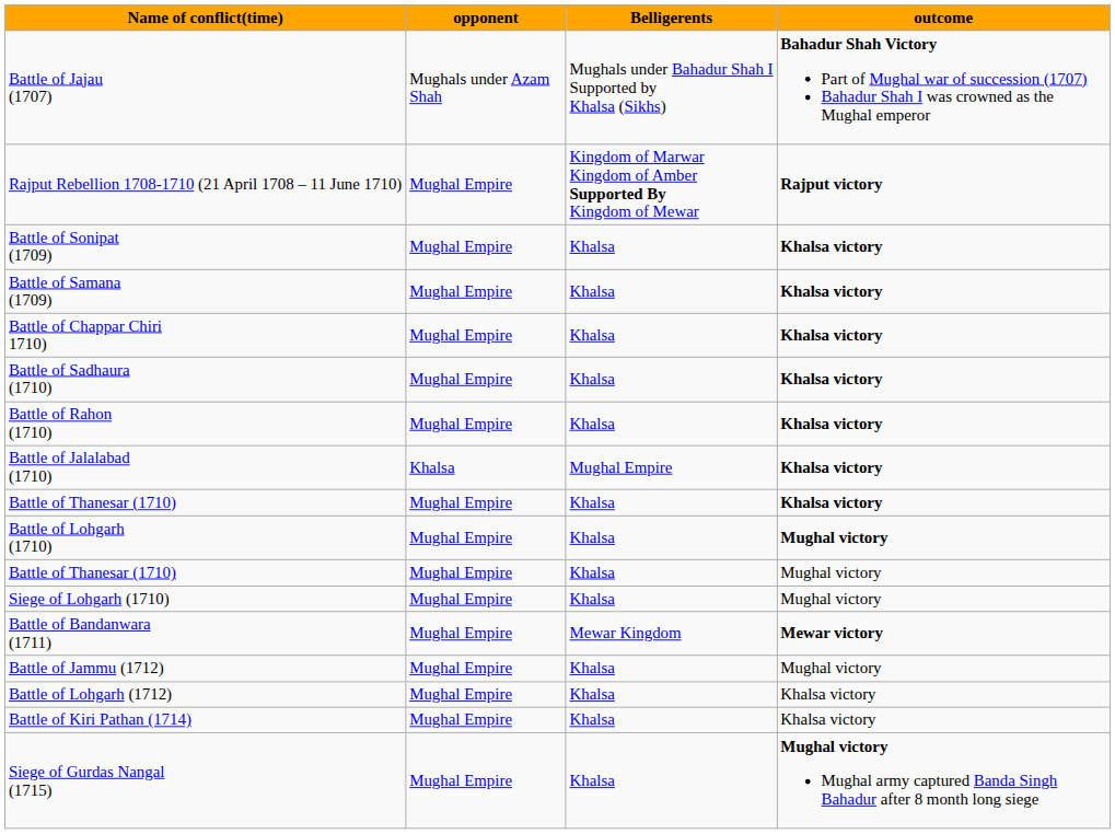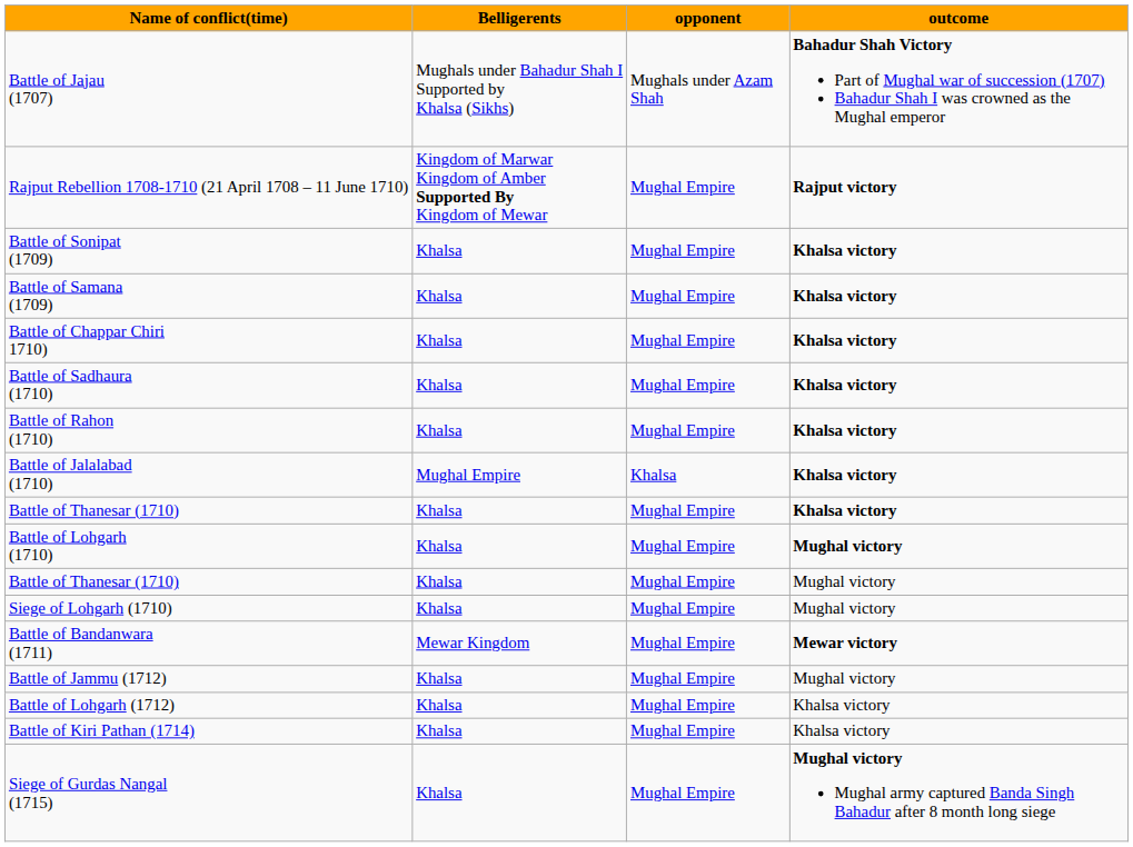 <table class="wikitable">
 <tr>
 <th style=" background:orange;"><span>Name of conflict(time)</span></th>
+<th style="background:orange;widh:150px;"><span>Belligerents</span></th>
 <th style="background:orange;width:150px;"><span> opponent</span></th>
-<th style="background:orange;widh:150px;"><span>Belligerents</span></th>
 <th style="background:orange;width:320px;"><span> outcome</span></th>
 </tr>
 <tr>
 <td><a href='#'>Battle of Jajau</a><br>(1707)</td>
+<td> Mughals under <a href='#'>Bahadur Shah I</a><br>Supported by<br> <a href='#'>Khalsa</a> (<a href='#'>Sikhs</a>)</td>
 <td> Mughals under <a href='#'>Azam Shah</a></td>
-<td> Mughals under <a href='#'>Bahadur Shah I</a><br>Supported by<br> <a href='#'>Khalsa</a> (<a href='#'>Sikhs</a>)</td>
 <td><strong>Bahadur Shah Victory</strong><br><ul><li>Part of <a href='#'>Mughal war of succession (1707)</a></li><li><a href='#'>Bahadur Shah I</a> was crowned as the Mughal emperor</li></ul></td>
 </tr>
 <tr>
 <td><a href='#'>Rajput Rebellion 1708-1710</a> (21 April 1708 – 11 June 1710)</td>
+<td> <a href='#'>Kingdom of Marwar</a><br> <a href='#'>Kingdom of Amber</a><br><strong>Supported By</strong><br><a href='#'>Kingdom of Mewar</a></td>
 <td> <a href='#'>Mughal Empire</a></td>
-<td> <a href='#'>Kingdom of Marwar</a><br> <a href='#'>Kingdom of Amber</a><br><strong>Supported By</strong><br><a href='#'>Kingdom of Mewar</a></td>
 <td><strong>Rajput victory</strong></td>
 </tr>
 <tr>
 <td><a href='#'>Battle of Sonipat</a><br>(1709)</td>
+<td><a href='#'>Khalsa</a></td>
 <td> <a href='#'>Mughal Empire</a></td>
-<td><a href='#'>Khalsa</a></td>
 <td><strong>Khalsa victory</strong></td>
 </tr>
 <tr>
 <td><a href='#'>Battle of Samana</a><br>(1709)</td>
+<td><a href='#'>Khalsa</a></td>
+<td><a href='#'>Mughal Empire</a></td>
+<td><strong>Khalsa victory</strong></td>
+</tr>
+<tr>
+<td><a href='#'>Battle of Chappar Chiri</a><br>1710)</td>
+<td> <a href='#'>Khalsa</a></td>
+<td> <a href='#'>Mughal Empire</a></td>
+<td><strong>Khalsa victory</strong></td>
+</tr>
+<tr>
+<td><a href='#'>Battle of Sadhaura</a><br>(1710)</td>
+<td><a href='#'>Khalsa</a></td>
+<td><a href='#'>Mughal Empire</a></td>
+<td><strong>Khalsa victory</strong></td>
+</tr>
+<tr>
+<td><a href='#'>Battle of Rahon</a><br>(1710)</td>
+<td><a href='#'>Khalsa</a></td>
+<td><a href='#'>Mughal Empire</a></td>
+<td><strong>Khalsa victory</strong></td>
+</tr>
+<tr>
+<td><a href='#'>Battle of Jalalabad</a><br>(1710)</td>
 <td><a href='#'>Mughal Empire</a></td>
 <td><a href='#'>Khalsa</a></td>
 <td><strong>Khalsa victory</strong></td>
 </tr>
 <tr>
-<td><a href='#'>Battle of Chappar Chiri</a><br>1710)</td>
-<td> <a href='#'>Mughal Empire</a></td>
-<td> <a href='#'>Khalsa</a></td>
-<td><strong>Khalsa victory</strong></td>
-</tr>
-<tr>
-<td><a href='#'>Battle of Sadhaura</a><br>(1710)</td>
-<td><a href='#'>Mughal Empire</a></td>
-<td><a href='#'>Khalsa</a></td>
-<td><strong>Khalsa victory</strong></td>
-</tr>
-<tr>
-<td><a href='#'>Battle of Rahon</a><br>(1710)</td>
-<td><a href='#'>Mughal Empire</a></td>
-<td><a href='#'>Khalsa</a></td>
-<td><strong>Khalsa victory</strong></td>
-</tr>
-<tr>
-<td><a href='#'>Battle of Jalalabad</a><br>(1710)</td>
+<td><a href='#'>Battle of Thanesar (1710)</a></td>
 <td><a href='#'>Khalsa</a></td>
 <td><a href='#'>Mughal Empire</a></td>
 <td><strong>Khalsa victory</strong></td>
 </tr>
 <tr>
-<td><a href='#'>Battle of Thanesar (1710)</a></td>
+<td><a href='#'>Battle of Lohgarh</a><br>(1710)</td>
+<td><a href='#'>Khalsa</a></td>
 <td><a href='#'>Mughal Empire</a></td>
-<td><a href='#'>Khalsa</a></td>
-<td><strong>Khalsa victory</strong></td>
-</tr>
-<tr>
-<td><a href='#'>Battle of Lohgarh</a><br>(1710)</td>
-<td><a href='#'>Mughal Empire</a></td>
-<td><a href='#'>Khalsa</a></td>
 <td><strong>Mughal victory</strong></td>
 </tr>
 <tr>
 <td><a href='#'>Battle of Thanesar (1710)</a></td>
+<td><a href='#'>Khalsa</a></td>
 <td><a href='#'>Mughal Empire</a></td>
-<td><a href='#'>Khalsa</a></td>
 <td>Mughal victory</td>
 </tr>
 <tr>
 <td><a href='#'>Siege of Lohgarh</a> (1710)</td>
+<td><a href='#'>Khalsa</a></td>
 <td> <a href='#'>Mughal Empire</a></td>
-<td><a href='#'>Khalsa</a></td>
 <td>Mughal victory</td>
 </tr>
 <tr>
 <td><a href='#'>Battle of Bandanwara</a><br>(1711)</td>
+<td><a href='#'>Mewar Kingdom</a></td>
 <td> <a href='#'>Mughal Empire</a></td>
-<td><a href='#'>Mewar Kingdom</a></td>
 <td><strong>Mewar victory</strong></td>
 </tr>
 <tr>
 <td><a href='#'>Battle of Jammu</a> (1712)</td>
+<td><a href='#'>Khalsa</a></td>
 <td><a href='#'>Mughal Empire</a></td>
-<td><a href='#'>Khalsa</a></td>
 <td>Mughal victory</td>
 </tr>
 <tr>
 <td><a href='#'>Battle of Lohgarh</a> (1712)</td>
+<td><a href='#'>Khalsa</a></td>
 <td> <a href='#'>Mughal Empire</a></td>
-<td><a href='#'>Khalsa</a></td>
 <td>Khalsa victory</td>
 </tr>
 <tr>
 <td><a href='#'>Battle of Kiri Pathan (1714)</a></td>
+<td><a href='#'>Khalsa</a></td>
 <td><a href='#'>Mughal Empire</a></td>
-<td><a href='#'>Khalsa</a></td>
 <td>Khalsa victory</td>
 </tr>
 <tr>
 <td><a href='#'>Siege of Gurdas Nangal</a><br>(1715)</td>
+<td><a href='#'>Khalsa</a></td>
 <td> <a href='#'>Mughal Empire</a></td>
-<td><a href='#'>Khalsa</a></td>
 <td><strong>Mughal victory</strong><br><ul><li>Mughal army captured <a href='#'>Banda Singh Bahadur</a> after 8 month long siege</li></ul></td>
 </tr>
 </table>
